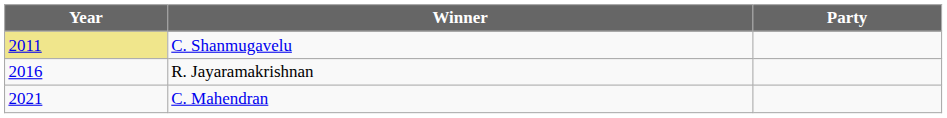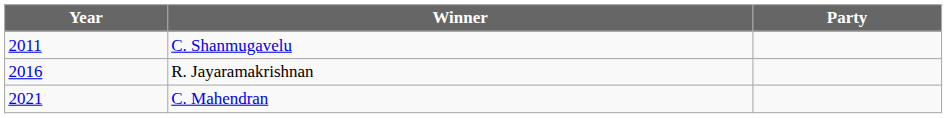 <table class="wikitable sortable" width="70%">
 <tr>
 <th style="background-color:#666666; color:white">Year</th>
 <th style="background-color:#666666; color:white">Winner</th>
 <th style="background-color:#666666; color:white" colspan="2">Party</th>
 </tr>
 <tr>
-<td style="background: khaki;"><a href='#'>2011</a></td>
+<td><a href='#'>2011</a></td>
 <td><a href='#'>C. Shanmugavelu</a></td>
 <td></td>
 </tr>
 <tr>
 <td><a href='#'>2016</a></td>
 <td>R. Jayaramakrishnan</td>
 <td></td>
 </tr>
 <tr>
 <td><a href='#'>2021</a></td>
 <td><a href='#'>C. Mahendran</a></td>
 <td></td>
 </tr>
 </table>
